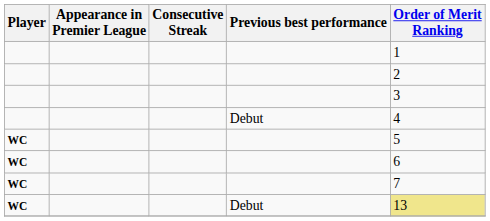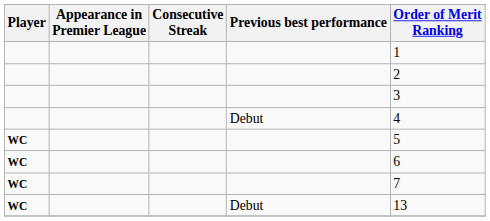 <table class="wikitable sortable" style="text-align: left;">
 <tr>
 <th>Player</th>
 <th>Appearance in<br>Premier League</th>
 <th>Consecutive<br>Streak</th>
 <th>Previous best performance</th>
 <th><a href='#'>Order of Merit<br>Ranking</a></th>
 </tr>
 <tr>
 <td></td>
 <td></td>
 <td></td>
 <td></td>
 <td>1</td>
 </tr>
 <tr>
 <td></td>
 <td></td>
 <td></td>
 <td></td>
 <td>2</td>
 </tr>
 <tr>
 <td></td>
 <td></td>
 <td></td>
 <td></td>
 <td>3</td>
 </tr>
 <tr>
 <td></td>
 <td></td>
 <td></td>
 <td>Debut</td>
 <td>4</td>
 </tr>
 <tr>
 <td> <small><strong>WC</strong></small></td>
 <td></td>
 <td></td>
 <td></td>
 <td>5</td>
 </tr>
 <tr>
 <td> <small><strong>WC</strong></small></td>
 <td></td>
 <td></td>
 <td></td>
 <td>6</td>
 </tr>
 <tr>
 <td> <small><strong>WC</strong></small></td>
 <td></td>
 <td></td>
 <td></td>
 <td>7</td>
 </tr>
 <tr>
 <td> <small><strong>WC</strong></small></td>
 <td></td>
 <td></td>
 <td>Debut</td>
-<td style="background: khaki;">13</td>
+<td>13</td>
 </tr>
 <tr>
 </tr>
 </table>
